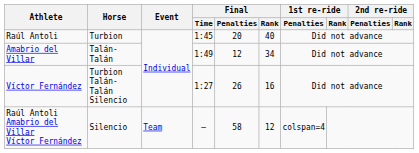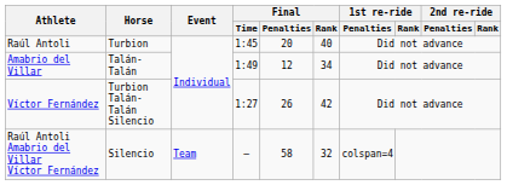 <table class=wikitable style=font-size:90%;text-align:center>
 <tr>
 <th rowspan=2>Athlete</th>
 <th rowspan=2>Horse</th>
 <th rowspan=2>Event</th>
 <th colspan=3>Final</th>
 <th colspan=2>1st re-ride</th>
 <th colspan=2>2nd re-ride</th>
 </tr>
 <tr style=font-size:95%>
 <th>Time</th>
 <th>Penalties</th>
 <th>Rank</th>
 <th>Penalties</th>
 <th>Rank</th>
 <th>Penalties</th>
 <th>Rank</th>
 </tr>
 <tr>
 <td align=left>Raúl Antoli</td>
 <td align=left>Turbion</td>
 <td align=left rowspan=3><a href='#'>Individual</a></td>
 <td>1:45</td>
 <td>20</td>
 <td>40</td>
 <td colspan=4>Did not advance</td>
 </tr>
 <tr>
 <td align=left><a href='#'>Amabrio del Villar</a></td>
 <td align=left>Talán-Talán</td>
 <td>1:49</td>
 <td>12</td>
 <td>34</td>
 <td colspan=4>Did not advance</td>
 </tr>
 <tr>
 <td align=left><a href='#'>Víctor Fernández</a></td>
 <td align=left>Turbion<br>Talán-Talán<br>Silencio</td>
 <td>1:27</td>
 <td>26</td>
-<td>16</td>
+<td>42</td>
 <td colspan=4>Did not advance</td>
 </tr>
 <tr>
 <td align=left>Raúl Antoli<br><a href='#'>Amabrio del Villar</a><br><a href='#'>Víctor Fernández</a></td>
 <td align=left>Silencio</td>
 <td align=left rowspan=3><a href='#'>Team</a></td>
 <td>–</td>
 <td>58</td>
-<td>12</td>
+<td>32</td>
 <td>colspan=4 </td>
 </tr>
 </table>
